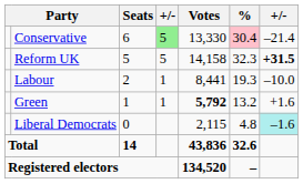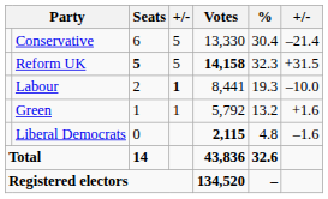 <table class="wikitable sortable">
 <tr>
 <th colspan="2">Party</th>
 <th>Seats</th>
 <th>+/-</th>
 <th>Votes</th>
 <th>%</th>
 <th>+/-</th>
 </tr>
 <tr>
 <td style="background-color: "></td>
 <td><a href='#'>Conservative</a></td>
 <td>6</td>
-<td style="background: lightgreen;"> 5</td>
+<td> 5</td>
 <td style="text-align:right;">13,330</td>
-<td style="background: pink; text-align:right;">30.4</td>
+<td style="text-align:right;">30.4</td>
 <td style="text-align:right;">–21.4</td>
 </tr>
 <tr>
 <td style="background-color: "></td>
 <td><a href='#'>Reform UK</a></td>
-<td>5</td>
+<td><strong>5</strong></td>
 <td> 5</td>
-<td style="text-align:right;">14,158</td>
+<td style="text-align:right;"><strong>14,158</strong></td>
 <td style="text-align:right;">32.3</td>
-<td style="text-align:right;"><strong>+31.5</strong></td>
+<td style="text-align:right;">+31.5</td>
 </tr>
 <tr>
 <td style="background-color: "></td>
 <td><a href='#'>Labour</a></td>
 <td>2</td>
-<td> 1</td>
+<td><strong> 1</strong></td>
 <td style="text-align:right;">8,441</td>
 <td style="text-align:right;">19.3</td>
 <td style="text-align:right;">–10.0</td>
 </tr>
 <tr>
 <td style="background-color: "></td>
 <td><a href='#'>Green</a></td>
 <td>1</td>
 <td> 1</td>
-<td style="text-align:right;"><strong>5,792</strong></td>
+<td style="text-align:right;">5,792</td>
 <td style="text-align:right;">13.2</td>
 <td style="text-align:right;">+1.6</td>
 </tr>
 <tr>
 <td style="background-color: "></td>
 <td><a href='#'>Liberal Democrats</a></td>
 <td>0</td>
 <td></td>
-<td style="text-align:right;">2,115</td>
+<td style="text-align:right;"><strong>2,115</strong></td>
 <td style="text-align:right;">4.8</td>
-<td style="background: paleturquoise; text-align:right;">–1.6</td>
+<td style="text-align:right;">–1.6</td>
 </tr>
 <tr>
 <td colspan="2"><strong>Total</strong></td>
 <td><strong>14</strong></td>
 <td></td>
 <td style="text-align:right;"><strong>43,836</strong></td>
 <td style="text-align:right;"><strong>32.6</strong></td>
 <td style="text-align:right;"></td>
 </tr>
 <tr>
 <td colspan="4"><strong>Registered electors</strong></td>
 <td style="text-align:right;"><strong>134,520</strong></td>
 <td style="text-align:right;"><strong>–</strong></td>
 <td style="text-align:right;"></td>
 </tr>
 </table>
